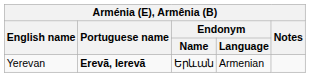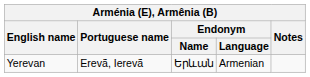 <table class="wikitable sortable">
 <tr>
 <th colspan="5"> Arménia (E), Armênia (B)</th>
 </tr>
 <tr>
 <th rowspan="2">English name</th>
 <th rowspan="2">Portuguese name</th>
 <th colspan="2">Endonym</th>
 <th rowspan="2">Notes</th>
 </tr>
 <tr>
 <th>Name</th>
 <th>Language</th>
 </tr>
 <tr>
 <td>Yerevan</td>
-<td><strong>Erevã, Ierevã</strong></td>
+<td>Erevã, Ierevã</td>
 <td>Երևան</td>
 <td>Armenian</td>
 <td></td>
 </tr>
 </table>
